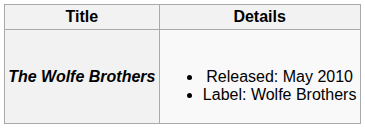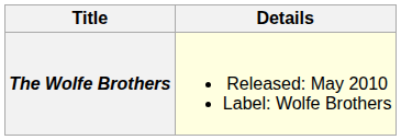 <table class="wikitable plainrowheaders" style="text-align:center;">
 <tr>
 <th>Title</th>
 <th>Details</th>
 </tr>
 <tr>
 <th scope="row"><em>The Wolfe Brothers</em></th>
-<td><br><ul><li>Released: May 2010</li><li>Label: Wolfe Brothers</li></ul></td>
+<td style="background: lightyellow;"><br><ul><li>Released: May 2010</li><li>Label: Wolfe Brothers</li></ul></td>
 </tr>
 </table>
